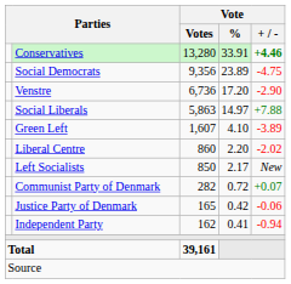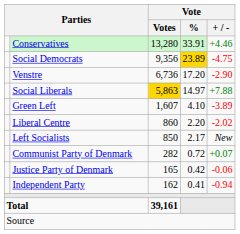 <table class="wikitable" style="text-align:right;">
 <tr>
 <th style="text-align:centre;" rowspan="2" colspan="2" width="225">Parties</th>
 <th colspan="3">Vote</th>
 </tr>
 <tr>
 <th width="15">Votes</th>
 <th width="15">%</th>
 <th width="15">+ / -</th>
 </tr>
 <tr>
 <td width="2" style="color:inherit;background:"></td>
 <td bgcolor=#ccf7cc  align="left"><a href='#'>Conservatives</a></td>
 <td bgcolor=#ccf7cc>13,280</td>
 <td bgcolor=#ccf7cc>33.91</td>
-<td style=color:green;><strong>+4.46</strong></td>
+<td style=color:green;>+4.46</td>
 </tr>
 <tr>
 <td width="2" style="color:inherit;background:"></td>
 <td align="left"><a href='#'>Social Democrats</a></td>
 <td>9,356</td>
-<td>23.89</td>
+<td style="background: gold;">23.89</td>
 <td style=color:red;>-4.75</td>
 </tr>
 <tr>
 <td width="2" style="color:inherit;background:"></td>
 <td align="left"><a href='#'>Venstre</a></td>
 <td>6,736</td>
 <td>17.20</td>
 <td style=color:red;>-2.90</td>
 </tr>
 <tr>
 <td width="2" style="color:inherit;background:"></td>
 <td align="left"><a href='#'>Social Liberals</a></td>
-<td>5,863</td>
+<td style="background: gold;">5,863</td>
 <td>14.97</td>
 <td style=color:green;>+7.88</td>
 </tr>
 <tr>
 <td width="2" style="color:inherit;background:"></td>
 <td align="left"><a href='#'>Green Left</a></td>
 <td>1,607</td>
 <td>4.10</td>
 <td style=color:red;>-3.89</td>
 </tr>
 <tr>
 <td width="2" style="color:inherit;background:"></td>
 <td align="left"><a href='#'>Liberal Centre</a></td>
 <td>860</td>
 <td>2.20</td>
 <td style=color:red;>-2.02</td>
 </tr>
 <tr>
 <td width="2" style="color:inherit;background:"></td>
 <td align="left"><a href='#'>Left Socialists</a></td>
 <td>850</td>
 <td>2.17</td>
 <td><em>New</em></td>
 </tr>
 <tr>
 <td width="2" style="color:inherit;background:"></td>
 <td align="left"><a href='#'>Communist Party of Denmark</a></td>
 <td>282</td>
 <td>0.72</td>
 <td style=color:green;>+0.07</td>
 </tr>
 <tr>
 <td width="2" style="color:inherit;background:"></td>
 <td align="left"><a href='#'>Justice Party of Denmark</a></td>
 <td>165</td>
 <td>0.42</td>
 <td style=color:red;>-0.06</td>
 </tr>
 <tr>
 <td width="2" style="color:inherit;background:"></td>
 <td align="left"><a href='#'>Independent Party</a></td>
 <td>162</td>
 <td>0.41</td>
 <td style=color:red;>-0.94</td>
 </tr>
 <tr>
 <td colspan="7" bgcolor="#E9E9E9"></td>
 </tr>
 <tr>
 <td align="left" colspan="2"><strong>Total</strong></td>
 <td><strong>39,161</strong></td>
 <td bgcolor="#E9E9E9" colspan="2"></td>
 </tr>
 <tr>
 <td align="left" colspan="6">Source</td>
 </tr>
 </table>
